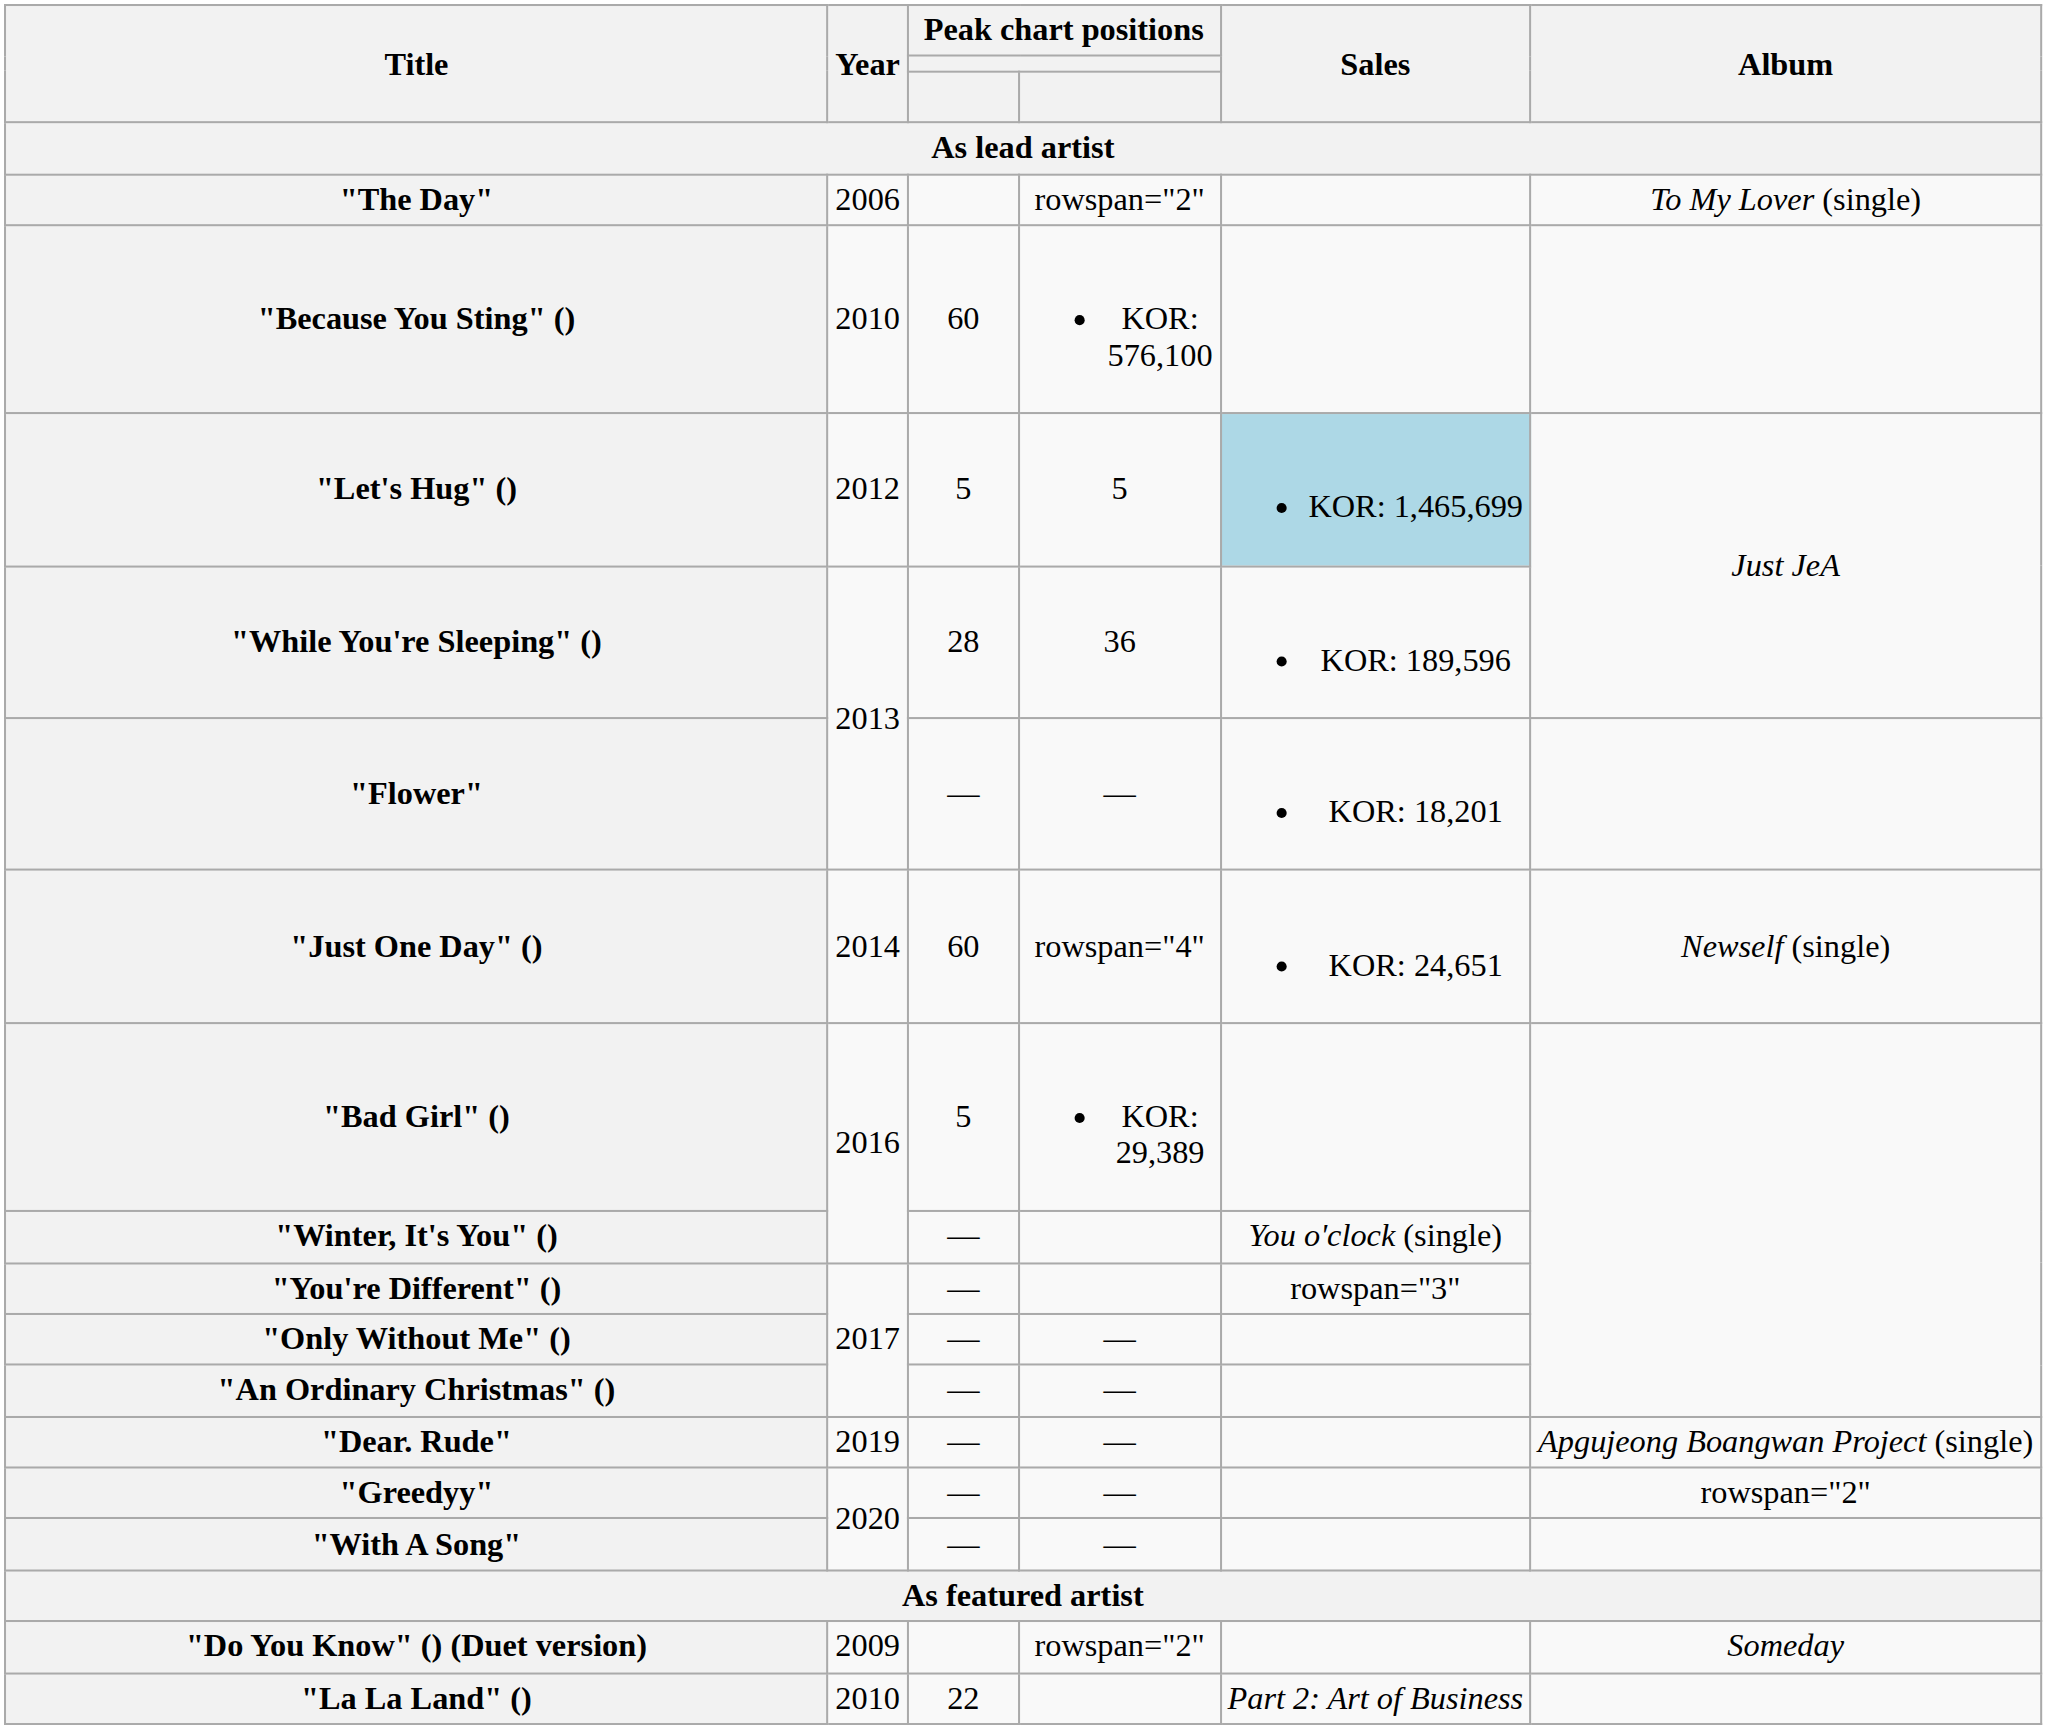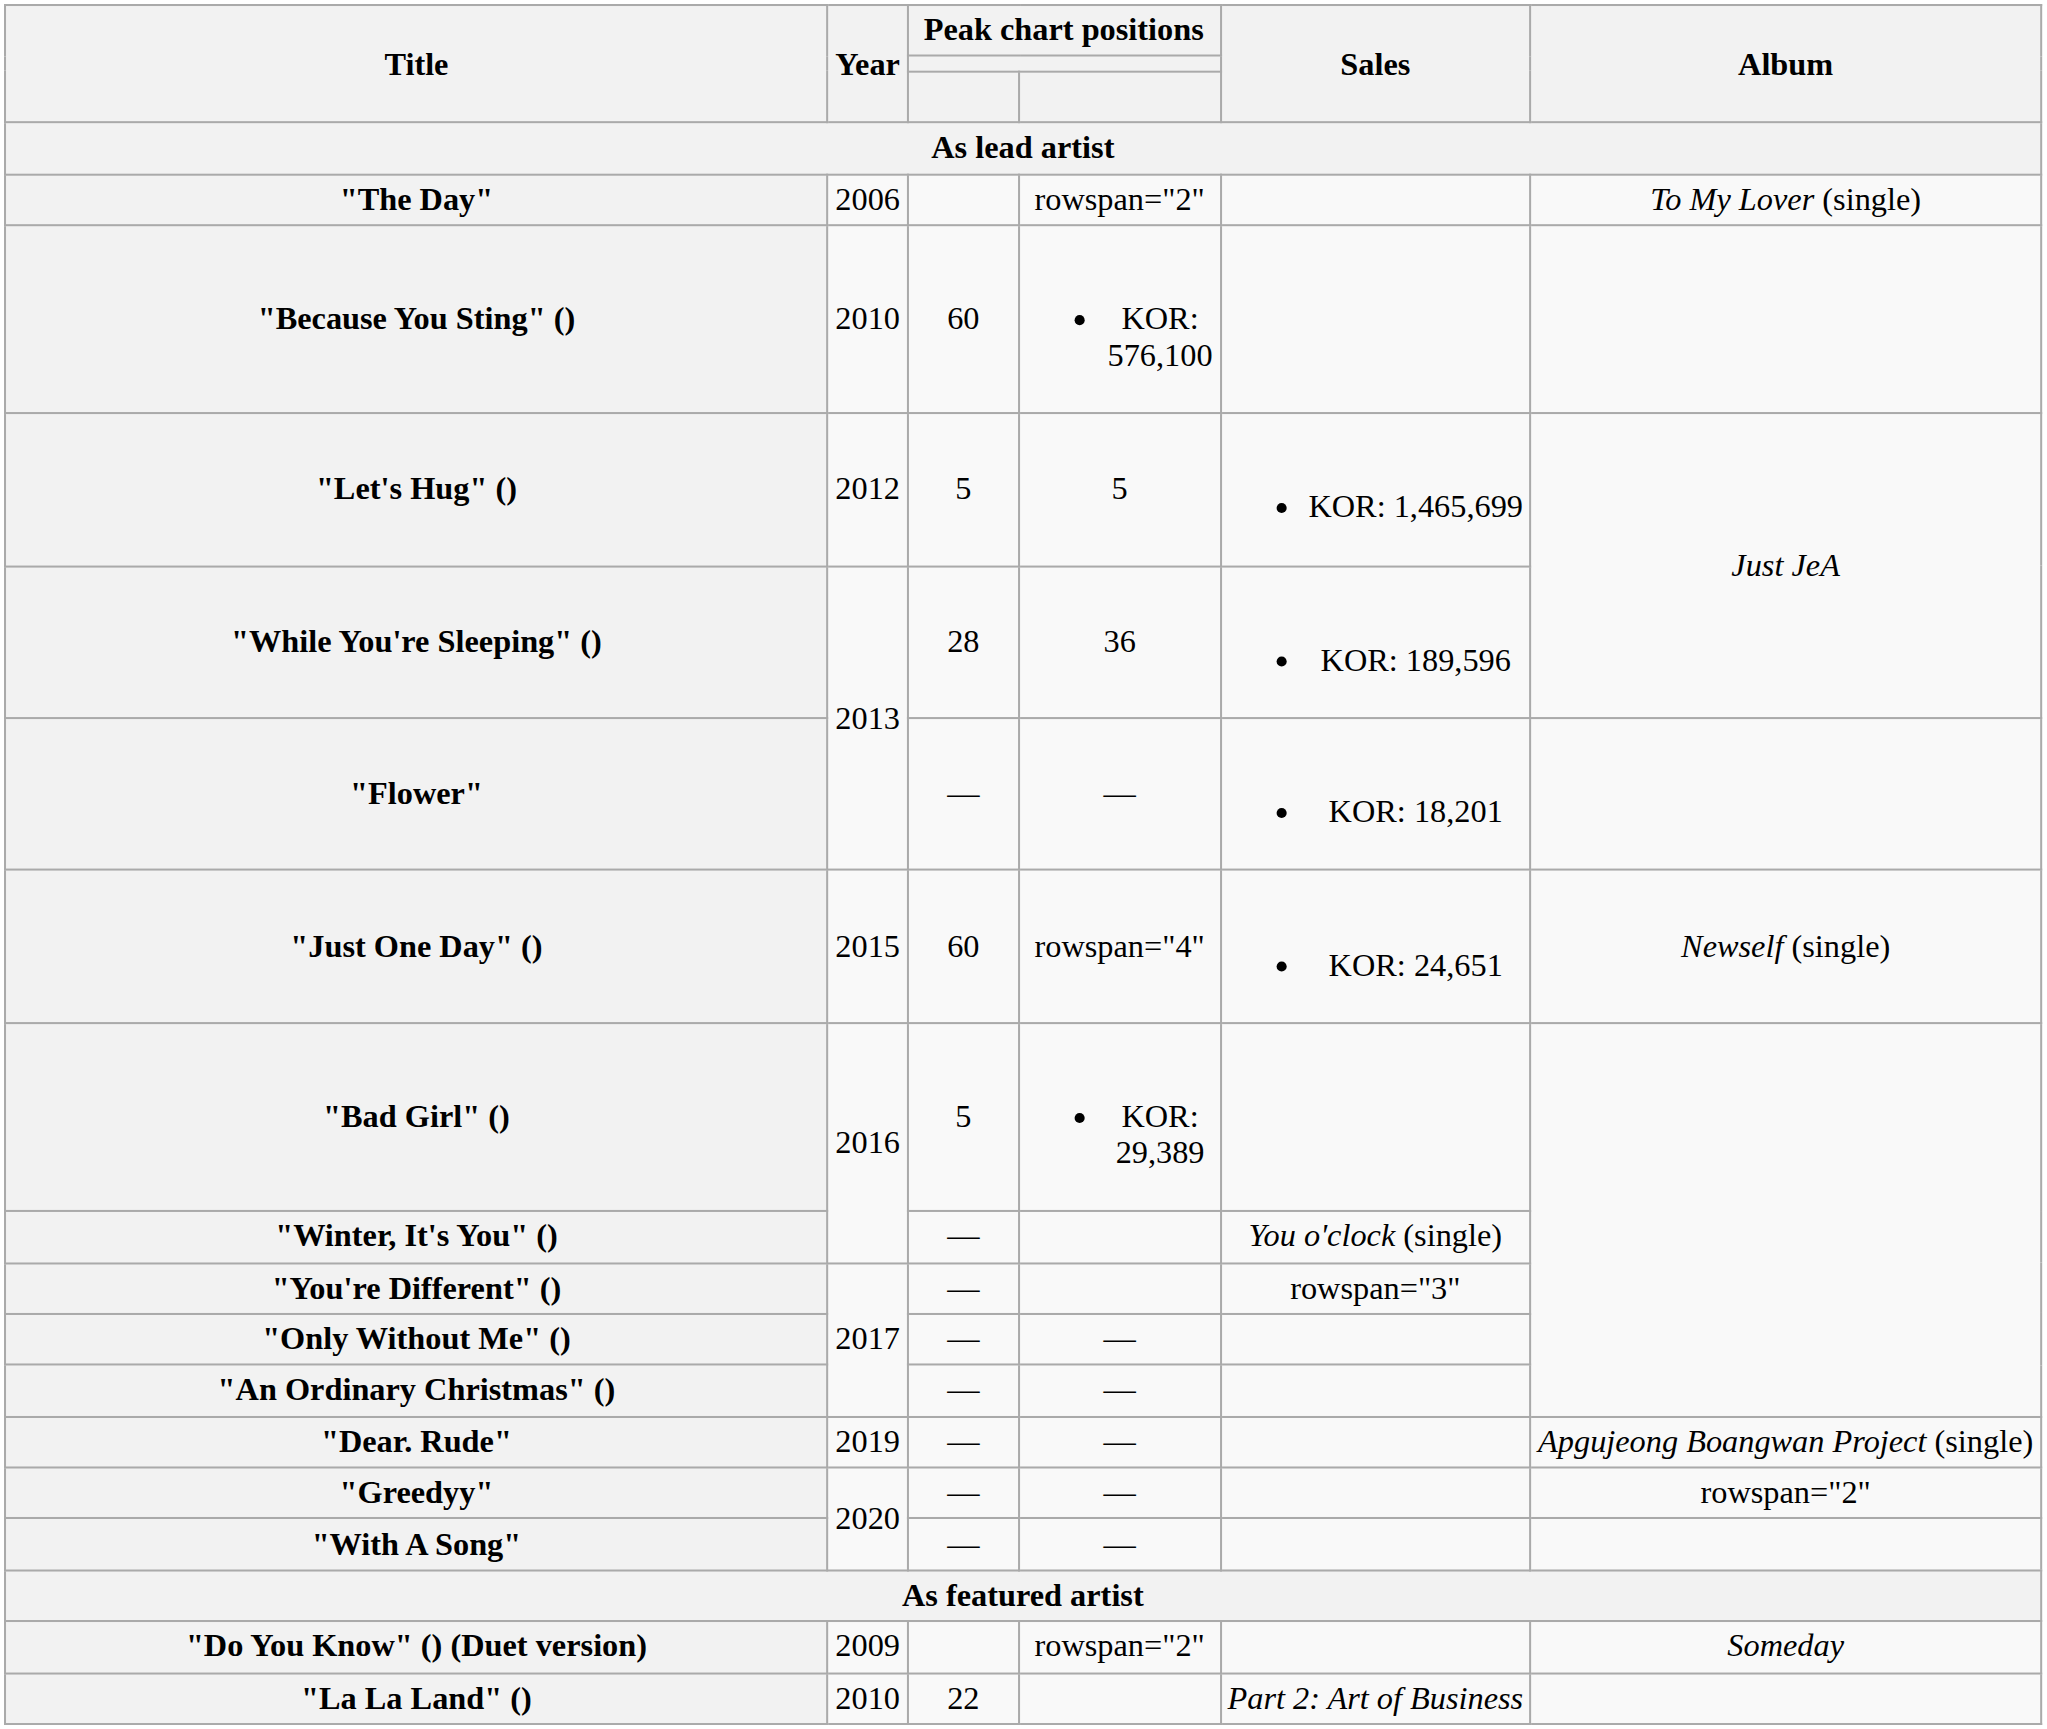 <table class="wikitable plainrowheaders" style="text-align:center">
 <tr>
 <th scope="col" rowspan="3" style="width:25em">Title</th>
 <th rowspan="3" scope="col">Year</th>
 <th colspan="2">Peak chart positions</th>
 <th rowspan="3" scope="col">Sales</th>
 <th rowspan="3" scope="col">Album</th>
 </tr>
 <tr>
 <th colspan="2"></th>
 </tr>
 <tr>
 <th style="width:3em"><br></th>
 <th style="width:3em"><br></th>
 </tr>
 <tr>
 <th colspan="6">As lead artist</th>
 </tr>
 <tr>
 <th scope="row">"The Day"<br></th>
 <td>2006</td>
 <td></td>
 <td>rowspan="2" </td>
 <td></td>
 <td><em>To My Lover</em> (single)</td>
 </tr>
 <tr>
 <th scope="row">"Because You Sting" ()<br></th>
 <td>2010</td>
 <td>60</td>
 <td><br><ul><li>KOR: 576,100</li></ul></td>
 <td></td>
 </tr>
 <tr>
 <th scope="row">"Let's Hug" ()<br></th>
 <td>2012</td>
 <td>5</td>
 <td>5</td>
-<td style="background: lightblue;"><br><ul><li>KOR: 1,465,699</li></ul></td>
+<td><br><ul><li>KOR: 1,465,699</li></ul></td>
 <td rowspan="2"><em>Just JeA</em></td>
 </tr>
 <tr>
 <th scope="row">"While You're Sleeping" ()</th>
 <td rowspan="2">2013</td>
 <td>28</td>
 <td>36</td>
 <td><br><ul><li>KOR: 189,596</li></ul></td>
 </tr>
 <tr>
 <th scope="row">"Flower"<br></th>
 <td>—</td>
 <td>—</td>
 <td><br><ul><li>KOR: 18,201</li></ul></td>
 <td></td>
 </tr>
 <tr>
 <th scope="row">"Just One Day" ()<br></th>
-<td>2014</td>
+<td>2015</td>
 <td>60</td>
 <td>rowspan="4" </td>
 <td><br><ul><li>KOR: 24,651</li></ul></td>
 <td><em>Newself</em> (single)</td>
 </tr>
 <tr>
 <th scope="row">"Bad Girl" ()<br></th>
 <td rowspan="2">2016</td>
 <td>5</td>
 <td><br><ul><li>KOR: 29,389</li></ul></td>
 <td></td>
 </tr>
 <tr>
 <th scope="row">"Winter, It's You" ()</th>
 <td>—</td>
 <td></td>
 <td><em>You o'clock</em> (single)</td>
 </tr>
 <tr>
 <th scope="row">"You're Different" ()<br></th>
 <td rowspan="3">2017</td>
 <td>—</td>
 <td></td>
 <td>rowspan="3" </td>
 </tr>
 <tr>
 <th scope="row">"Only Without Me" ()</th>
 <td>—</td>
 <td>—</td>
 <td></td>
 </tr>
 <tr>
 <th scope="row">"An Ordinary Christmas" ()<br></th>
 <td>—</td>
 <td>—</td>
 <td></td>
 </tr>
 <tr>
 <th scope="row">"Dear. Rude"<br></th>
 <td>2019</td>
 <td>—</td>
 <td>—</td>
 <td></td>
 <td><em>Apgujeong Boangwan Project</em> (single)</td>
 </tr>
 <tr>
 <th scope="row">"Greedyy"<br></th>
 <td rowspan="2">2020</td>
 <td>—</td>
 <td>—</td>
 <td></td>
 <td>rowspan="2" </td>
 </tr>
 <tr>
 <th scope="row">"With A Song"<br></th>
 <td>—</td>
 <td>—</td>
 <td></td>
 </tr>
 <tr>
 <th colspan="6">As featured artist</th>
 </tr>
 <tr>
 <th scope="row">"Do You Know" () (Duet version)<br></th>
 <td>2009</td>
 <td></td>
 <td>rowspan="2" </td>
 <td></td>
 <td><em>Someday</em></td>
 </tr>
 <tr>
 <th scope="row">"La La Land" ()<br></th>
 <td>2010</td>
 <td>22</td>
 <td></td>
 <td><em>Part 2: Art of Business</em></td>
 </tr>
 </table>
